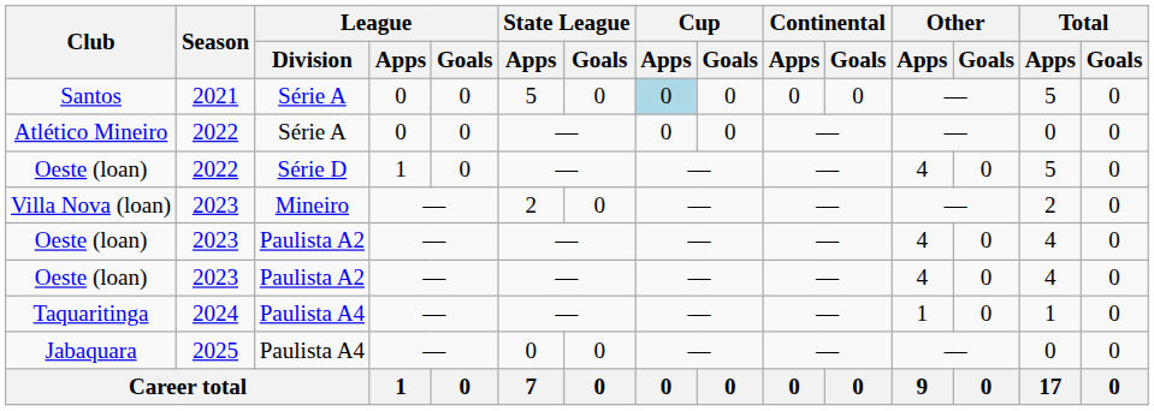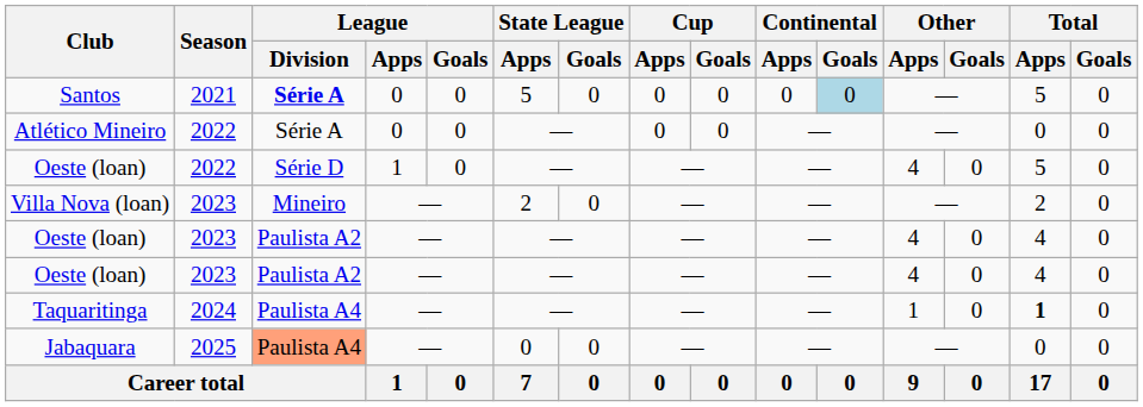 <table class="wikitable" style="text-align: center;">
 <tr>
 <th rowspan="2">Club</th>
 <th rowspan="2">Season</th>
 <th colspan="3">League</th>
 <th colspan="2">State League</th>
 <th colspan="2">Cup</th>
 <th colspan="2">Continental</th>
 <th colspan="2">Other</th>
 <th colspan="2">Total</th>
 </tr>
 <tr>
 <th>Division</th>
 <th>Apps</th>
 <th>Goals</th>
 <th>Apps</th>
 <th>Goals</th>
 <th>Apps</th>
 <th>Goals</th>
 <th>Apps</th>
 <th>Goals</th>
 <th>Apps</th>
 <th>Goals</th>
 <th>Apps</th>
 <th>Goals</th>
 </tr>
 <tr>
 <td valign="center"><a href='#'>Santos</a></td>
 <td><a href='#'>2021</a></td>
-<td><a href='#'>Série A</a></td>
+<td><strong><a href='#'>Série A</a></strong></td>
 <td>0</td>
 <td>0</td>
 <td>5</td>
 <td>0</td>
-<td style="background: lightblue;">0</td>
 <td>0</td>
 <td>0</td>
 <td>0</td>
+<td style="background: lightblue;">0</td>
 <td colspan="2">—</td>
 <td>5</td>
 <td>0</td>
 </tr>
 <tr>
 <td valign="center"><a href='#'>Atlético Mineiro</a></td>
 <td><a href='#'>2022</a></td>
 <td>Série A</td>
 <td>0</td>
 <td>0</td>
 <td colspan="2">—</td>
 <td>0</td>
 <td>0</td>
 <td colspan="2">—</td>
 <td colspan="2">—</td>
 <td>0</td>
 <td>0</td>
 </tr>
 <tr>
 <td valign="center"><a href='#'>Oeste</a> (loan)</td>
 <td><a href='#'>2022</a></td>
 <td><a href='#'>Série D</a></td>
 <td>1</td>
 <td>0</td>
 <td colspan="2">—</td>
 <td colspan="2">—</td>
 <td colspan="2">—</td>
 <td>4</td>
 <td>0</td>
 <td>5</td>
 <td>0</td>
 </tr>
 <tr>
 <td valign="center"><a href='#'>Villa Nova</a> (loan)</td>
 <td><a href='#'>2023</a></td>
 <td><a href='#'>Mineiro</a></td>
 <td colspan="2">—</td>
 <td>2</td>
 <td>0</td>
 <td colspan="2">—</td>
 <td colspan="2">—</td>
 <td colspan="2">—</td>
 <td>2</td>
 <td>0</td>
 </tr>
 <tr>
 <td valign="center"><a href='#'>Oeste</a> (loan)</td>
 <td><a href='#'>2023</a></td>
 <td><a href='#'>Paulista A2</a></td>
 <td colspan="2">—</td>
 <td colspan="2">—</td>
 <td colspan="2">—</td>
 <td colspan="2">—</td>
 <td>4</td>
 <td>0</td>
 <td>4</td>
 <td>0</td>
 </tr>
 <tr>
 <td valign="center"><a href='#'>Oeste</a> (loan)</td>
 <td><a href='#'>2023</a></td>
 <td><a href='#'>Paulista A2</a></td>
 <td colspan="2">—</td>
 <td colspan="2">—</td>
 <td colspan="2">—</td>
 <td colspan="2">—</td>
 <td>4</td>
 <td>0</td>
 <td>4</td>
 <td>0</td>
 </tr>
 <tr>
 <td valign="center"><a href='#'>Taquaritinga</a></td>
 <td><a href='#'>2024</a></td>
 <td><a href='#'>Paulista A4</a></td>
 <td colspan="2">—</td>
 <td colspan="2">—</td>
 <td colspan="2">—</td>
 <td colspan="2">—</td>
 <td>1</td>
 <td>0</td>
-<td>1</td>
+<td><strong>1</strong></td>
 <td>0</td>
 </tr>
 <tr>
 <td valign="center"><a href='#'>Jabaquara</a></td>
 <td><a href='#'>2025</a></td>
-<td>Paulista A4</td>
+<td style="background: lightsalmon;">Paulista A4</td>
 <td colspan="2">—</td>
 <td>0</td>
 <td>0</td>
 <td colspan="2">—</td>
 <td colspan="2">—</td>
 <td colspan="2">—</td>
 <td>0</td>
 <td>0</td>
 </tr>
 <tr>
 <th colspan="3"><strong>Career total</strong></th>
 <th>1</th>
 <th>0</th>
 <th>7</th>
 <th>0</th>
 <th>0</th>
 <th>0</th>
 <th>0</th>
 <th>0</th>
 <th>9</th>
 <th>0</th>
 <th>17</th>
 <th>0</th>
 </tr>
 </table>
